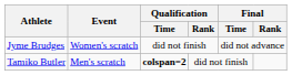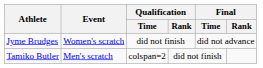 <table class=wikitable style="font-size:90%">
 <tr>
 <th rowspan=2>Athlete</th>
 <th rowspan=2>Event</th>
 <th colspan=2>Qualification</th>
 <th colspan=2>Final</th>
 </tr>
 <tr style="font-size:95%">
 <th>Time</th>
 <th>Rank</th>
 <th>Time</th>
 <th>Rank</th>
 </tr>
 <tr align=center>
 <td align=left><a href='#'>Jyme Brudges</a></td>
 <td align=left><a href='#'>Women's scratch</a></td>
 <td colspan=2>did not finish</td>
 <td colspan=2>did not advance</td>
 </tr>
 <tr align=center>
 <td align=left><a href='#'>Tamiko Butler</a></td>
 <td align=left><a href='#'>Men's scratch</a></td>
-<td><strong>colspan=2 </strong></td>
+<td>colspan=2 </td>
 <td colspan=2>did not finish</td>
 </tr>
 </table>
